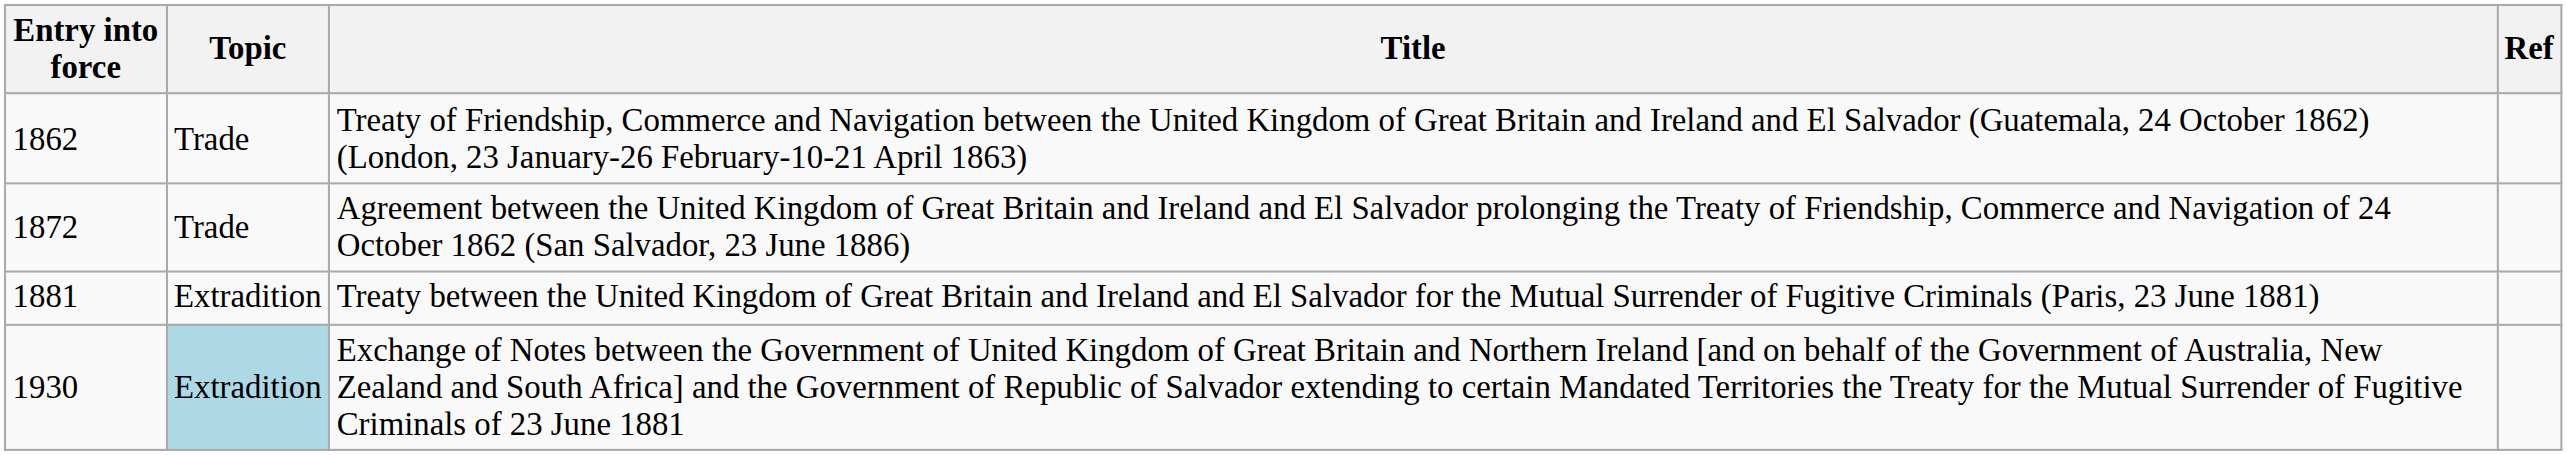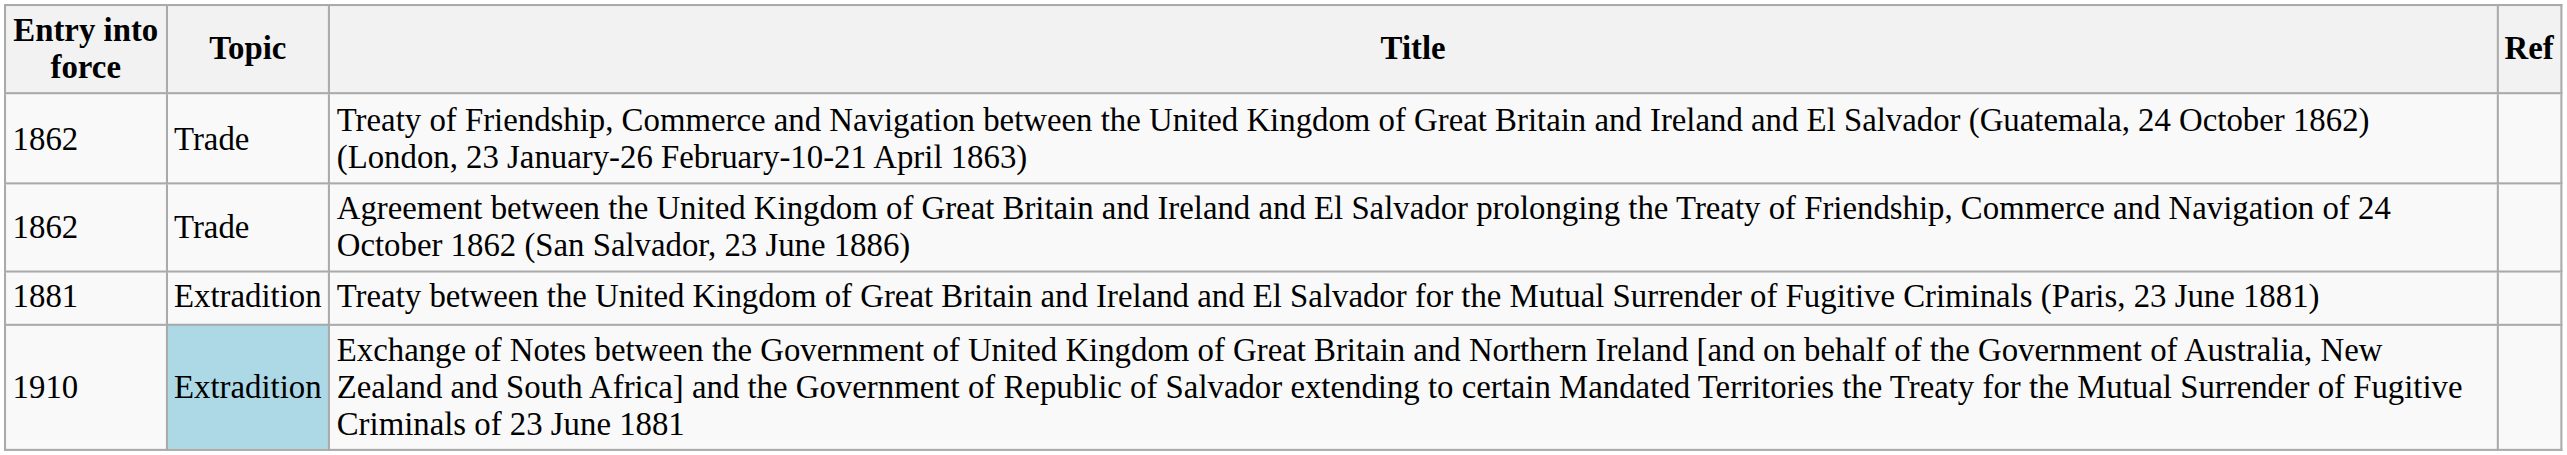 <table class="wikitable sortable">
 <tr>
 <th>Entry into force</th>
 <th>Topic</th>
 <th>Title</th>
 <th>Ref</th>
 </tr>
 <tr>
 <td>1862</td>
 <td>Trade</td>
 <td>Treaty of Friendship, Commerce and Navigation between the United Kingdom of Great Britain and Ireland and El Salvador (Guatemala, 24 October 1862) (London, 23 January-26 February-10-21 April 1863)</td>
 <td></td>
 </tr>
 <tr>
-<td>1872</td>
+<td>1862</td>
 <td>Trade</td>
 <td>Agreement between the United Kingdom of Great Britain and Ireland and El Salvador prolonging the Treaty of Friendship, Commerce and Navigation of 24 October 1862 (San Salvador, 23 June 1886)</td>
 <td></td>
 </tr>
 <tr>
 <td>1881</td>
 <td>Extradition</td>
 <td>Treaty between the United Kingdom of Great Britain and Ireland and El Salvador for the Mutual Surrender of Fugitive Criminals (Paris, 23 June 1881)</td>
 <td></td>
 </tr>
 <tr>
-<td>1930</td>
+<td>1910</td>
 <td style="background: lightblue;">Extradition</td>
 <td>Exchange of Notes between the Government of United Kingdom of Great Britain and Northern Ireland [and on behalf of the Government of Australia, New Zealand and South Africa] and the Government of Republic of Salvador extending to certain Mandated Territories the Treaty for the Mutual Surrender of Fugitive Criminals of 23 June 1881</td>
 <td></td>
 </tr>
 </table>
